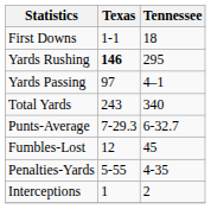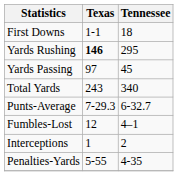 <table class="wikitable">
 <tr>
 <th>Statistics</th>
 <th>Texas</th>
 <th>Tennessee</th>
 </tr>
 <tr>
 <td>First Downs</td>
 <td>1-1</td>
 <td>18</td>
 </tr>
 <tr>
 <td>Yards Rushing</td>
 <td><strong>146</strong></td>
 <td>295</td>
 </tr>
 <tr>
 <td>Yards Passing</td>
 <td>97</td>
-<td>4–1</td>
+<td>45</td>
 </tr>
 <tr>
 <td>Total Yards</td>
 <td>243</td>
 <td>340</td>
 </tr>
 <tr>
 <td>Punts-Average</td>
 <td>7-29.3</td>
 <td>6-32.7</td>
 </tr>
 <tr>
 <td>Fumbles-Lost</td>
 <td>12</td>
-<td>45</td>
+<td>4–1</td>
+</tr>
+<tr>
+<td>Interceptions</td>
+<td>1</td>
+<td>2</td>
 </tr>
 <tr>
 <td>Penalties-Yards</td>
 <td>5-55</td>
 <td>4-35</td>
 </tr>
 <tr>
-<td>Interceptions</td>
-<td>1</td>
-<td>2</td>
-</tr>
-<tr>
 </tr>
 </table>
